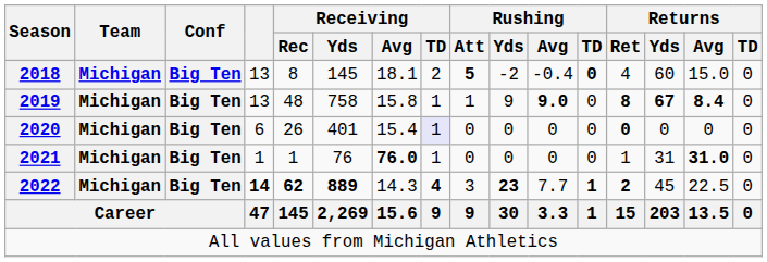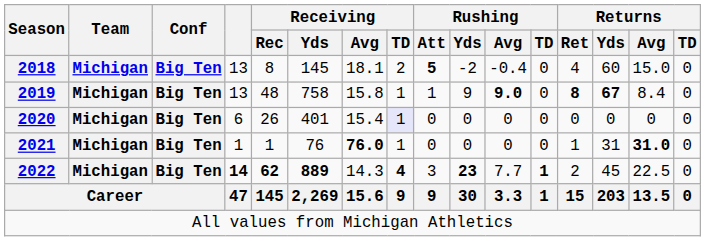 <table class="wikitable" style="text-align:center;">
 <tr>
 <th rowspan="2">Season</th>
 <th rowspan="2">Team</th>
 <th rowspan="2">Conf</th>
 <th rowspan="2"></th>
 <th colspan="4">Receiving</th>
 <th colspan="4">Rushing</th>
 <th colspan="4">Returns</th>
 </tr>
 <tr>
 <th>Rec</th>
 <th>Yds</th>
 <th>Avg</th>
 <th>TD</th>
 <th>Att</th>
 <th>Yds</th>
 <th>Avg</th>
 <th>TD</th>
 <th>Ret</th>
 <th>Yds</th>
 <th>Avg</th>
 <th>TD</th>
 </tr>
 <tr>
 <th><a href='#'>2018</a></th>
 <th><a href='#'>Michigan</a></th>
 <th><a href='#'>Big Ten</a></th>
 <td>13</td>
 <td>8</td>
 <td>145</td>
 <td>18.1</td>
 <td>2</td>
 <td><strong>5</strong></td>
 <td>-2</td>
 <td>-0.4</td>
-<td><strong>0</strong></td>
+<td>0</td>
 <td>4</td>
 <td>60</td>
 <td>15.0</td>
 <td>0</td>
 </tr>
 <tr>
 <th><a href='#'>2019</a></th>
 <th>Michigan</th>
 <th>Big Ten</th>
 <td>13</td>
 <td>48</td>
 <td>758</td>
 <td>15.8</td>
 <td>1</td>
 <td>1</td>
 <td>9</td>
 <td><strong>9.0</strong></td>
 <td>0</td>
 <td><strong>8</strong></td>
 <td><strong>67</strong></td>
-<td><strong>8.4</strong></td>
+<td>8.4</td>
 <td>0</td>
 </tr>
 <tr>
 <th><a href='#'>2020</a></th>
 <th>Michigan</th>
 <th>Big Ten</th>
 <td>6</td>
 <td>26</td>
 <td>401</td>
 <td>15.4</td>
 <td style="background: lavender;">1</td>
 <td>0</td>
 <td>0</td>
 <td>0</td>
 <td>0</td>
-<td><strong>0</strong></td>
+<td>0</td>
 <td>0</td>
 <td>0</td>
 <td>0</td>
 </tr>
 <tr>
 <th><a href='#'>2021</a></th>
 <th>Michigan</th>
 <th>Big Ten</th>
 <td>1</td>
 <td>1</td>
 <td>76</td>
 <td><strong>76.0</strong></td>
 <td>1</td>
 <td>0</td>
 <td>0</td>
 <td>0</td>
 <td>0</td>
 <td>1</td>
 <td>31</td>
 <td><strong>31.0</strong></td>
 <td>0</td>
 </tr>
 <tr>
 <th><a href='#'>2022</a></th>
 <th>Michigan</th>
 <th>Big Ten</th>
 <td><strong>14</strong></td>
 <td><strong>62</strong></td>
 <td><strong>889</strong></td>
 <td>14.3</td>
 <td><strong>4</strong></td>
 <td>3</td>
 <td><strong>23</strong></td>
 <td>7.7</td>
 <td><strong>1</strong></td>
-<td><strong>2</strong></td>
+<td>2</td>
 <td>45</td>
 <td>22.5</td>
 <td>0</td>
 </tr>
 <tr>
 <th colspan="3">Career</th>
 <th>47</th>
 <th>145</th>
 <th>2,269</th>
 <th>15.6</th>
 <th>9</th>
 <th>9</th>
 <th>30</th>
 <th>3.3</th>
 <th>1</th>
 <th>15</th>
 <th>203</th>
 <th>13.5</th>
 <th>0</th>
 </tr>
 <tr>
 <td colspan="16">All values from Michigan Athletics</td>
 </tr>
 </table>
